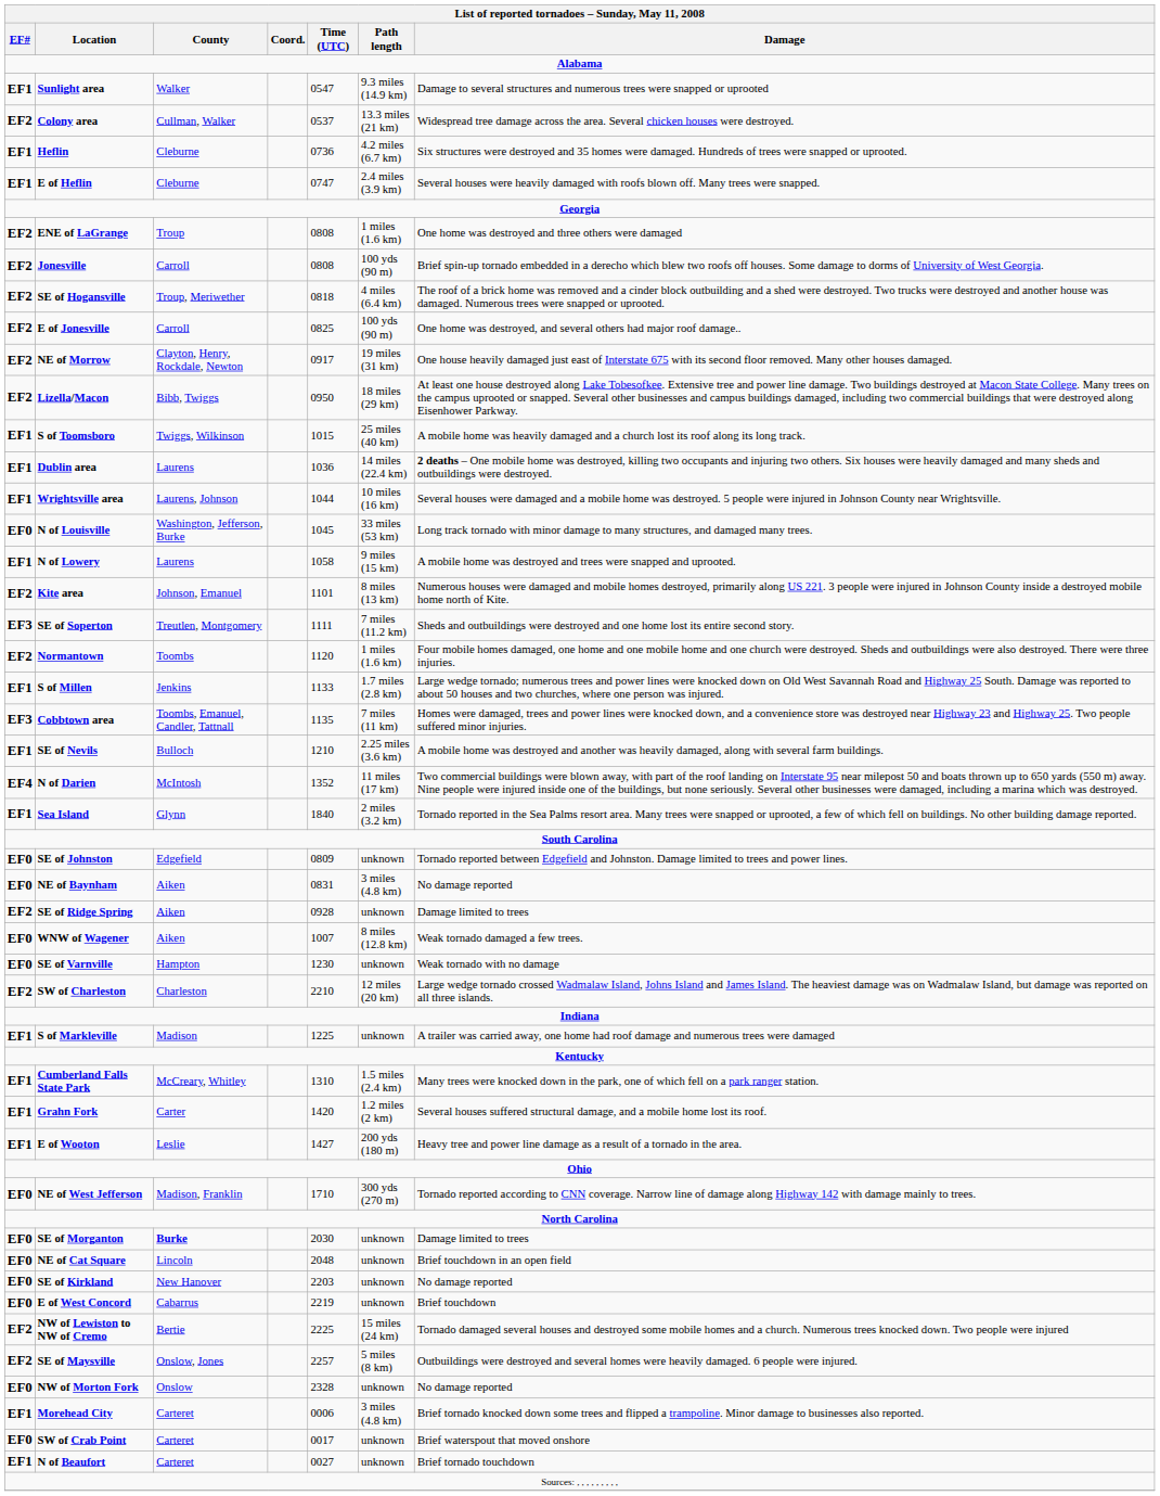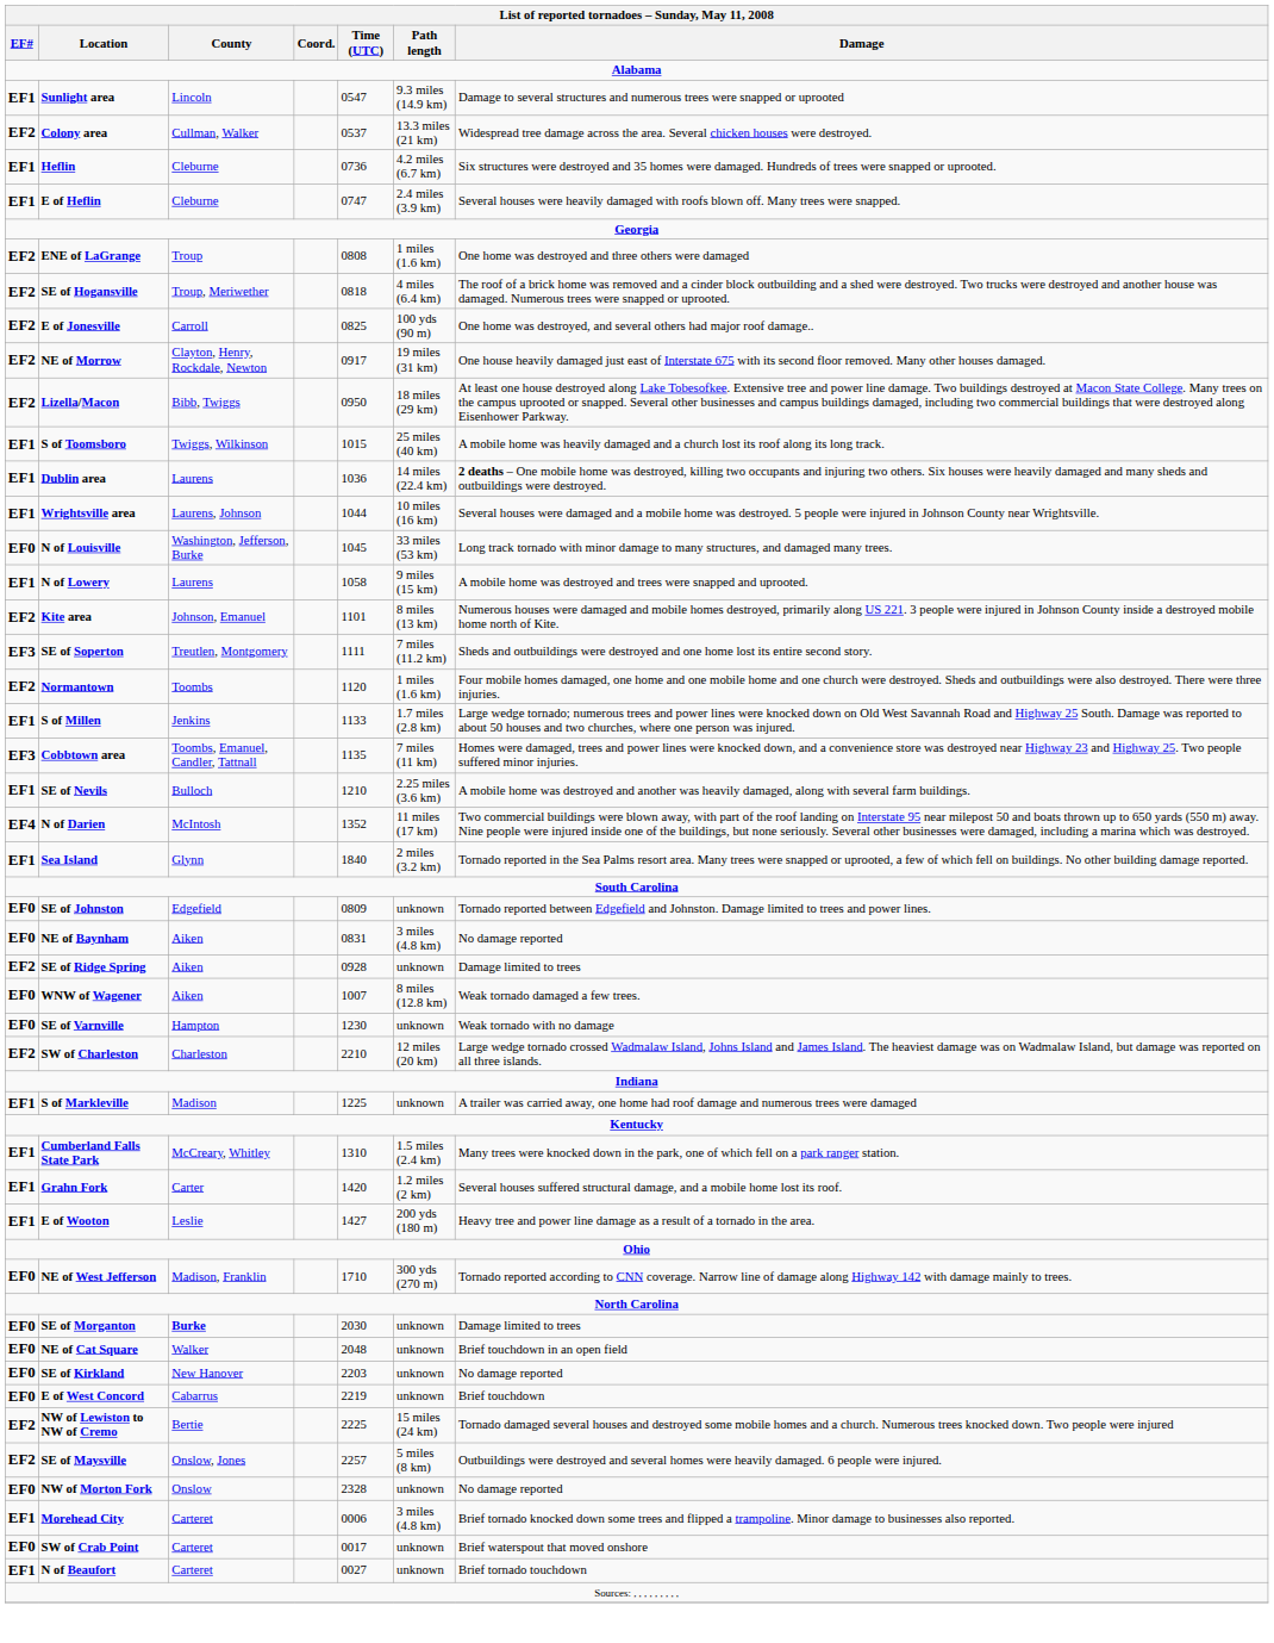 <table class="wikitable collapsible" width="100%">
 <tr>
 <th colspan="7">List of reported tornadoes – Sunday, May 11, 2008</th>
 </tr>
 <tr>
 <th><a href='#'>EF#</a></th>
 <th>Location</th>
 <th>County</th>
 <th>Coord.</th>
 <th>Time (<a href='#'>UTC</a>)</th>
 <th>Path length</th>
 <th>Damage</th>
 </tr>
 <tr>
 <td colspan="7" align=center><strong><a href='#'>Alabama</a></strong></td>
 </tr>
 <tr>
 <td><big><strong>EF1</strong></big></td>
 <td><strong><a href='#'>Sunlight</a> area</strong></td>
-<td><a href='#'>Walker</a></td>
+<td><a href='#'>Lincoln</a></td>
 <td></td>
 <td>0547</td>
 <td>9.3 miles<br>(14.9 km)</td>
 <td>Damage to several structures and numerous trees were snapped or uprooted</td>
 </tr>
 <tr>
 <td><big><strong>EF2</strong></big></td>
 <td><strong><a href='#'>Colony</a> area</strong></td>
 <td><a href='#'>Cullman</a>, <a href='#'>Walker</a></td>
 <td></td>
 <td>0537</td>
 <td>13.3 miles<br>(21 km)</td>
 <td>Widespread tree damage across the area. Several <a href='#'>chicken houses</a> were destroyed.</td>
 </tr>
 <tr>
 <td><big><strong>EF1</strong></big></td>
 <td><strong><a href='#'>Heflin</a></strong></td>
 <td><a href='#'>Cleburne</a></td>
 <td></td>
 <td>0736</td>
 <td>4.2 miles<br>(6.7 km)</td>
 <td>Six structures were destroyed and 35 homes were damaged. Hundreds of trees were snapped or uprooted.</td>
 </tr>
 <tr>
 <td><big><strong>EF1</strong></big></td>
 <td><strong>E of <a href='#'>Heflin</a></strong></td>
 <td><a href='#'>Cleburne</a></td>
 <td></td>
 <td>0747</td>
 <td>2.4 miles<br>(3.9 km)</td>
 <td>Several houses were heavily damaged with roofs blown off. Many trees were snapped.</td>
 </tr>
 <tr>
 <td colspan="7" align=center><strong><a href='#'>Georgia</a></strong></td>
 </tr>
 <tr>
 <td><big><strong>EF2</strong></big></td>
 <td><strong>ENE of <a href='#'>LaGrange</a></strong></td>
 <td><a href='#'>Troup</a></td>
 <td></td>
 <td>0808</td>
 <td>1 miles <br> (1.6 km)</td>
 <td>One home was destroyed and three others were damaged</td>
-</tr>
-<tr>
-<td><big><strong>EF2</strong></big></td>
-<td><strong><a href='#'>Jonesville</a></strong></td>
-<td><a href='#'>Carroll</a></td>
-<td></td>
-<td>0808</td>
-<td>100 yds<br>(90 m)</td>
-<td>Brief spin-up tornado embedded in a derecho which blew two roofs off houses. Some damage to dorms of <a href='#'>University of West Georgia</a>.</td>
 </tr>
 <tr>
 <td><big><strong>EF2</strong></big></td>
 <td><strong>SE of <a href='#'>Hogansville</a></strong></td>
 <td><a href='#'>Troup</a>, <a href='#'>Meriwether</a></td>
 <td></td>
 <td>0818</td>
 <td>4 miles<br>(6.4 km)</td>
 <td>The roof of a brick home was removed and a cinder block outbuilding and a shed were destroyed. Two trucks were destroyed and another house was damaged. Numerous trees were snapped or uprooted.</td>
 </tr>
 <tr>
 <td><big><strong>EF2</strong></big></td>
 <td><strong>E of <a href='#'>Jonesville</a></strong></td>
 <td><a href='#'>Carroll</a></td>
 <td></td>
 <td>0825</td>
 <td>100 yds<br>(90 m)</td>
 <td>One home was destroyed, and several others had major roof damage..</td>
 </tr>
 <tr>
 <td><big><strong>EF2</strong></big></td>
 <td><strong>NE of <a href='#'>Morrow</a></strong></td>
 <td><a href='#'>Clayton</a>, <a href='#'>Henry</a>, <a href='#'>Rockdale</a>, <a href='#'>Newton</a></td>
 <td></td>
 <td>0917</td>
 <td>19 miles<br>(31 km)</td>
 <td>One house heavily damaged just east of <a href='#'>Interstate 675</a> with its second floor removed. Many other houses damaged.</td>
 </tr>
 <tr>
 <td><big><strong>EF2</strong></big></td>
 <td><strong><a href='#'>Lizella</a>/<a href='#'>Macon</a></strong></td>
 <td><a href='#'>Bibb</a>, <a href='#'>Twiggs</a></td>
 <td></td>
 <td>0950</td>
 <td>18 miles<br>(29 km)</td>
 <td>At least one house destroyed along <a href='#'>Lake Tobesofkee</a>. Extensive tree and power line damage. Two buildings destroyed at <a href='#'>Macon State College</a>. Many trees on the campus uprooted or snapped. Several other businesses and campus buildings damaged, including two commercial buildings that were destroyed along Eisenhower Parkway.</td>
 </tr>
 <tr>
 <td><big><strong>EF1</strong></big></td>
 <td><strong>S of <a href='#'>Toomsboro</a></strong></td>
 <td><a href='#'>Twiggs</a>, <a href='#'>Wilkinson</a></td>
 <td></td>
 <td>1015</td>
 <td>25 miles<br>(40 km)</td>
 <td>A mobile home was heavily damaged and a church lost its roof along its long track.</td>
 </tr>
 <tr>
 <td><big><strong>EF1</strong></big></td>
 <td><strong><a href='#'>Dublin</a> area</strong></td>
 <td><a href='#'>Laurens</a></td>
 <td></td>
 <td>1036</td>
 <td>14 miles<br>(22.4 km)</td>
 <td><strong>2 deaths</strong> – One mobile home was destroyed, killing two occupants and injuring two others. Six houses were heavily damaged and many sheds and outbuildings were destroyed.</td>
 </tr>
 <tr>
 <td><big><strong>EF1</strong></big></td>
 <td><strong><a href='#'>Wrightsville</a> area</strong></td>
 <td><a href='#'>Laurens</a>, <a href='#'>Johnson</a></td>
 <td></td>
 <td>1044</td>
 <td>10 miles<br>(16 km)</td>
 <td>Several houses were damaged and a mobile home was destroyed. 5 people were injured in Johnson County near Wrightsville.</td>
 </tr>
 <tr>
 <td><big><strong>EF0</strong></big></td>
 <td><strong>N of <a href='#'>Louisville</a></strong></td>
 <td><a href='#'>Washington</a>, <a href='#'>Jefferson</a>, <a href='#'>Burke</a></td>
 <td></td>
 <td>1045</td>
 <td>33 miles<br>(53 km)</td>
 <td>Long track tornado with minor damage to many structures, and damaged many trees.</td>
 </tr>
 <tr>
 <td><big><strong>EF1</strong></big></td>
 <td><strong>N of <a href='#'>Lowery</a></strong></td>
 <td><a href='#'>Laurens</a></td>
 <td></td>
 <td>1058</td>
 <td>9 miles<br>(15 km)</td>
 <td>A mobile home was destroyed and trees were snapped and uprooted.</td>
 </tr>
 <tr>
 <td><big><strong>EF2</strong></big></td>
 <td><strong><a href='#'>Kite</a> area</strong></td>
 <td><a href='#'>Johnson</a>, <a href='#'>Emanuel</a></td>
 <td></td>
 <td>1101</td>
 <td>8 miles<br>(13 km)</td>
 <td>Numerous houses were damaged and mobile homes destroyed, primarily along <a href='#'>US 221</a>. 3 people were injured in Johnson County inside a destroyed mobile home north of Kite.</td>
 </tr>
 <tr>
 <td><big><strong>EF3</strong></big></td>
 <td><strong>SE of <a href='#'>Soperton</a></strong></td>
 <td><a href='#'>Treutlen</a>, <a href='#'>Montgomery</a></td>
 <td></td>
 <td>1111</td>
 <td>7 miles<br>(11.2 km)</td>
 <td>Sheds and outbuildings were destroyed and one home lost its entire second story.</td>
 </tr>
 <tr>
 <td><big><strong>EF2</strong></big></td>
 <td><strong><a href='#'>Normantown</a></strong></td>
 <td><a href='#'>Toombs</a></td>
 <td></td>
 <td>1120</td>
 <td>1 miles <br>(1.6 km)</td>
 <td>Four mobile homes damaged, one home and one mobile home and one church were destroyed. Sheds and outbuildings were also destroyed. There were three injuries.</td>
 </tr>
 <tr>
 <td><big><strong>EF1</strong></big></td>
 <td><strong>S of <a href='#'>Millen</a></strong></td>
 <td><a href='#'>Jenkins</a></td>
 <td></td>
 <td>1133</td>
 <td>1.7 miles<br>(2.8 km)</td>
 <td>Large wedge tornado; numerous trees and power lines were knocked down on Old West Savannah Road and <a href='#'>Highway 25</a> South. Damage was reported to about 50 houses and two churches, where one person was injured.</td>
 </tr>
 <tr>
 <td><big><strong>EF3</strong></big></td>
 <td><strong><a href='#'>Cobbtown</a> area</strong></td>
 <td><a href='#'>Toombs</a>, <a href='#'>Emanuel</a>, <a href='#'>Candler</a>, <a href='#'>Tattnall</a></td>
 <td></td>
 <td>1135</td>
 <td>7 miles <br>(11 km)</td>
 <td>Homes were damaged, trees and power lines were knocked down, and a convenience store was destroyed near <a href='#'>Highway 23</a> and <a href='#'>Highway 25</a>. Two people suffered minor injuries.</td>
 </tr>
 <tr>
 <td><big><strong>EF1</strong></big></td>
 <td><strong>SE of <a href='#'>Nevils</a></strong></td>
 <td><a href='#'>Bulloch</a></td>
 <td></td>
 <td>1210</td>
 <td>2.25 miles<br>(3.6 km)</td>
 <td>A mobile home was destroyed and another was heavily damaged, along with several farm buildings.</td>
 </tr>
 <tr>
 <td><big><strong>EF4</strong></big></td>
 <td><strong>N of <a href='#'>Darien</a></strong></td>
 <td><a href='#'>McIntosh</a></td>
 <td></td>
 <td>1352</td>
 <td>11 miles<br>(17 km)</td>
 <td>Two commercial buildings were blown away, with part of the roof landing on <a href='#'>Interstate 95</a> near milepost 50 and boats thrown up to 650 yards (550 m) away. Nine people were injured inside one of the buildings, but none seriously. Several other businesses were damaged, including a marina which was destroyed.</td>
 </tr>
 <tr>
 <td><big><strong>EF1</strong></big></td>
 <td><strong><a href='#'>Sea Island</a></strong></td>
 <td><a href='#'>Glynn</a></td>
 <td></td>
 <td>1840</td>
 <td>2 miles<br>(3.2 km)</td>
 <td>Tornado reported in the Sea Palms resort area. Many trees were snapped or uprooted, a few of which fell on buildings. No other building damage reported.</td>
 </tr>
 <tr>
 <td colspan="7" align=center><strong><a href='#'>South Carolina</a></strong></td>
 </tr>
 <tr>
 <td><big><strong>EF0</strong></big></td>
 <td><strong>SE of <a href='#'>Johnston</a></strong></td>
 <td><a href='#'>Edgefield</a></td>
 <td></td>
 <td>0809</td>
 <td>unknown</td>
 <td>Tornado reported between <a href='#'>Edgefield</a> and Johnston. Damage limited to trees and power lines.</td>
 </tr>
 <tr>
 <td><big><strong>EF0</strong></big></td>
 <td><strong>NE of <a href='#'>Baynham</a></strong></td>
 <td><a href='#'>Aiken</a></td>
 <td></td>
 <td>0831</td>
 <td>3 miles <br> (4.8 km)</td>
 <td>No damage reported</td>
 </tr>
 <tr>
 <td><big><strong>EF2</strong></big></td>
 <td><strong>SE of <a href='#'>Ridge Spring</a></strong></td>
 <td><a href='#'>Aiken</a></td>
 <td></td>
 <td>0928</td>
 <td>unknown</td>
 <td>Damage limited to trees</td>
 </tr>
 <tr>
 <td><big><strong>EF0</strong></big></td>
 <td><strong>WNW of <a href='#'>Wagener</a></strong></td>
 <td><a href='#'>Aiken</a></td>
 <td></td>
 <td>1007</td>
 <td>8 miles <br> (12.8 km)</td>
 <td>Weak tornado damaged a few trees.</td>
 </tr>
 <tr>
 <td><big><strong>EF0</strong></big></td>
 <td><strong>SE of <a href='#'>Varnville</a></strong></td>
 <td><a href='#'>Hampton</a></td>
 <td></td>
 <td>1230</td>
 <td>unknown</td>
 <td>Weak tornado with no damage</td>
 </tr>
 <tr>
 <td><big><strong>EF2</strong></big></td>
 <td><strong>SW of <a href='#'>Charleston</a></strong></td>
 <td><a href='#'>Charleston</a></td>
 <td></td>
 <td>2210</td>
 <td>12 miles<br>(20 km)</td>
 <td>Large wedge tornado crossed <a href='#'>Wadmalaw Island</a>, <a href='#'>Johns Island</a> and <a href='#'>James Island</a>. The heaviest damage was on Wadmalaw Island, but damage was reported on all three islands.</td>
 </tr>
 <tr>
 <td colspan="7" align=center><strong><a href='#'>Indiana</a></strong></td>
 </tr>
 <tr>
 <td><big><strong>EF1</strong></big></td>
 <td><strong>S of <a href='#'>Markleville</a></strong></td>
 <td><a href='#'>Madison</a></td>
 <td></td>
 <td>1225</td>
 <td>unknown</td>
 <td>A trailer was carried away, one home had roof damage and numerous trees were damaged</td>
 </tr>
 <tr>
 <td colspan="7" align=center><strong><a href='#'>Kentucky</a></strong></td>
 </tr>
 <tr>
 <td><big><strong>EF1</strong></big></td>
 <td><strong><a href='#'>Cumberland Falls State Park</a></strong></td>
 <td><a href='#'>McCreary</a>, <a href='#'>Whitley</a></td>
 <td></td>
 <td>1310</td>
 <td>1.5 miles<br>(2.4 km)</td>
 <td>Many trees were knocked down in the park, one of which fell on a <a href='#'>park ranger</a> station.</td>
 </tr>
 <tr>
 <td><big><strong>EF1</strong></big></td>
 <td><strong><a href='#'>Grahn Fork</a></strong></td>
 <td><a href='#'>Carter</a></td>
 <td></td>
 <td>1420</td>
 <td>1.2 miles<br>(2 km)</td>
 <td>Several houses suffered structural damage, and a mobile home lost its roof.</td>
 </tr>
 <tr>
 <td><big><strong>EF1</strong></big></td>
 <td><strong>E of <a href='#'>Wooton</a></strong></td>
 <td><a href='#'>Leslie</a></td>
 <td></td>
 <td>1427</td>
 <td>200 yds<br>(180 m)</td>
 <td>Heavy tree and power line damage as a result of a tornado in the area.</td>
 </tr>
 <tr>
 <td colspan="7" align=center><strong><a href='#'>Ohio</a></strong></td>
 </tr>
 <tr>
 <td><big><strong>EF0</strong></big></td>
 <td><strong>NE of <a href='#'>West Jefferson</a></strong></td>
 <td><a href='#'>Madison</a>, <a href='#'>Franklin</a></td>
 <td></td>
 <td>1710</td>
 <td>300 yds<br>(270 m)</td>
 <td>Tornado reported according to <a href='#'>CNN</a> coverage. Narrow line of damage along <a href='#'>Highway 142</a> with damage mainly to trees.</td>
 </tr>
 <tr>
 <td colspan="7" align=center><strong><a href='#'>North Carolina</a></strong></td>
 </tr>
 <tr>
 <td><big><strong>EF0</strong></big></td>
 <td><strong>SE of <a href='#'>Morganton</a></strong></td>
 <td><strong><a href='#'>Burke</a></strong></td>
 <td></td>
 <td>2030</td>
 <td>unknown</td>
 <td>Damage limited to trees</td>
 </tr>
 <tr>
 <td><big><strong>EF0</strong></big></td>
 <td><strong>NE of <a href='#'>Cat Square</a></strong></td>
-<td><a href='#'>Lincoln</a></td>
+<td><a href='#'>Walker</a></td>
 <td></td>
 <td>2048</td>
 <td>unknown</td>
 <td>Brief touchdown in an open field</td>
 </tr>
 <tr>
 <td><big><strong>EF0</strong></big></td>
 <td><strong>SE of <a href='#'>Kirkland</a></strong></td>
 <td><a href='#'>New Hanover</a></td>
 <td></td>
 <td>2203</td>
 <td>unknown</td>
 <td>No damage reported</td>
 </tr>
 <tr>
 <td><big><strong>EF0</strong></big></td>
 <td><strong>E of <a href='#'>West Concord</a></strong></td>
 <td><a href='#'>Cabarrus</a></td>
 <td></td>
 <td>2219</td>
 <td>unknown</td>
 <td>Brief touchdown</td>
 </tr>
 <tr>
 <td><big><strong>EF2</strong></big></td>
 <td><strong>NW of <a href='#'>Lewiston</a> to NW of <a href='#'>Cremo</a></strong></td>
 <td><a href='#'>Bertie</a></td>
 <td></td>
 <td>2225</td>
 <td>15 miles <br> (24 km)</td>
 <td>Tornado damaged several houses and destroyed some mobile homes and a church. Numerous trees knocked down. Two people were injured</td>
 </tr>
 <tr>
 <td><big><strong>EF2</strong></big></td>
 <td><strong>SE of <a href='#'>Maysville</a></strong></td>
 <td><a href='#'>Onslow</a>, <a href='#'>Jones</a></td>
 <td></td>
 <td>2257</td>
 <td>5 miles <br> (8 km)</td>
 <td>Outbuildings were destroyed and several homes were heavily damaged. 6 people were injured.</td>
 </tr>
 <tr>
 <td><big><strong>EF0</strong></big></td>
 <td><strong>NW of <a href='#'>Morton Fork</a></strong></td>
 <td><a href='#'>Onslow</a></td>
 <td></td>
 <td>2328</td>
 <td>unknown</td>
 <td>No damage reported</td>
 </tr>
 <tr>
 <td><big><strong>EF1</strong></big></td>
 <td><strong><a href='#'>Morehead City</a></strong></td>
 <td><a href='#'>Carteret</a></td>
 <td></td>
 <td>0006</td>
 <td>3 miles <br> (4.8 km)</td>
 <td>Brief tornado knocked down some trees and flipped a <a href='#'>trampoline</a>. Minor damage to businesses also reported.</td>
 </tr>
 <tr>
 <td><big><strong>EF0</strong></big></td>
 <td><strong>SW of <a href='#'>Crab Point</a></strong></td>
 <td><a href='#'>Carteret</a></td>
 <td></td>
 <td>0017</td>
 <td>unknown</td>
 <td>Brief waterspout that moved onshore</td>
 </tr>
 <tr>
 <td><big><strong>EF1</strong></big></td>
 <td><strong>N of <a href='#'>Beaufort</a></strong></td>
 <td><a href='#'>Carteret</a></td>
 <td></td>
 <td>0027</td>
 <td>unknown</td>
 <td>Brief tornado touchdown</td>
 </tr>
 <tr>
 <td colspan="7" align=center><small>Sources: , , , , , , , , ,  </small></td>
 </tr>
 <tr>
 </tr>
 </table>
